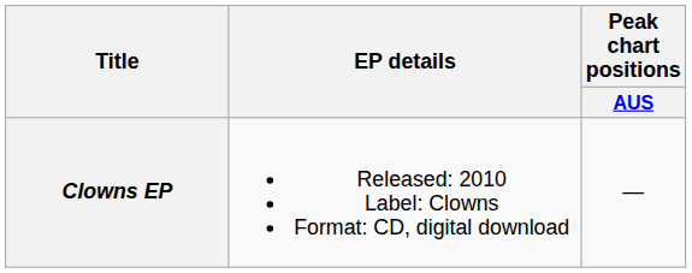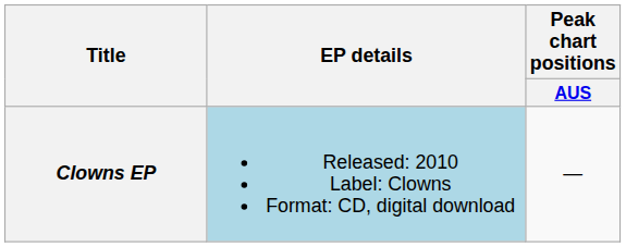 <table class="wikitable plainrowheaders" style="text-align:center;">
 <tr>
 <th scope="col" rowspan="2" style="width:10em;">Title</th>
 <th scope="col" rowspan="2" style="width:16em;">EP details</th>
 <th scope="col" colspan="1">Peak chart positions</th>
 </tr>
 <tr>
 <th scope="col" style="width:2.5em;font-size:90%;"><a href='#'>AUS</a><br></th>
 </tr>
 <tr>
 <th scope="row"><em>Clowns EP</em></th>
-<td><br><ul><li>Released: 2010</li><li>Label: Clowns</li><li>Format: CD, digital download</li></ul></td>
+<td style="background: lightblue;"><br><ul><li>Released: 2010</li><li>Label: Clowns</li><li>Format: CD, digital download</li></ul></td>
 <td>—</td>
 </tr>
 </table>
